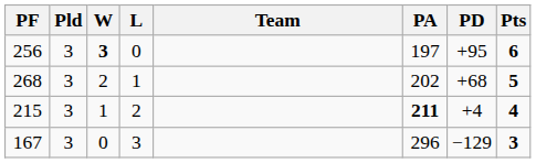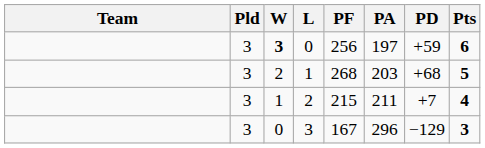 <table class="wikitable" style="text-align:center;">
 <tr>
-<th width=30>PF</th>
+<th width=200>Team</th>
 <th width=20>Pld</th>
 <th width=20>W</th>
 <th width=20>L</th>
-<th width=200>Team</th>
+<th width=30>PF</th>
 <th width=30>PA</th>
 <th width=30>PD</th>
 <th width=20>Pts</th>
 </tr>
 <tr>
-<td>256</td>
+<td align=left></td>
 <td>3</td>
 <td><strong>3</strong></td>
 <td>0</td>
-<td align=left></td>
+<td>256</td>
 <td>197</td>
-<td>+95</td>
+<td>+59</td>
 <td><strong>6</strong></td>
 </tr>
 <tr>
-<td>268</td>
+<td align=left></td>
 <td>3</td>
 <td>2</td>
 <td>1</td>
-<td align=left></td>
-<td>202</td>
+<td>268</td>
+<td>203</td>
 <td>+68</td>
 <td><strong>5</strong></td>
 </tr>
 <tr>
-<td>215</td>
+<td align=left></td>
 <td>3</td>
 <td>1</td>
 <td>2</td>
-<td align=left></td>
-<td><strong>211</strong></td>
-<td>+4</td>
+<td>215</td>
+<td>211</td>
+<td>+7</td>
 <td><strong>4</strong></td>
 </tr>
 <tr>
-<td>167</td>
+<td align=left></td>
 <td>3</td>
 <td>0</td>
 <td>3</td>
-<td align=left></td>
+<td>167</td>
 <td>296</td>
 <td>−129</td>
 <td><strong>3</strong></td>
 </tr>
 </table>
